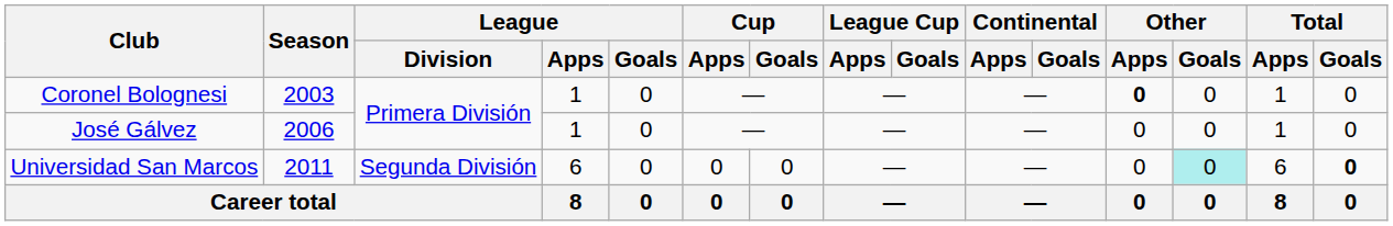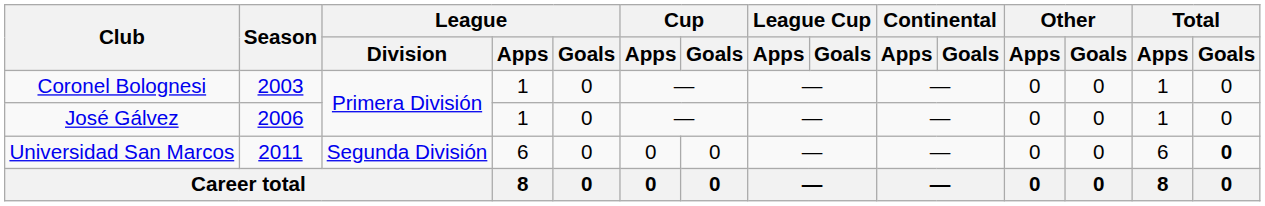 <table class="wikitable" style="text-align:center">
 <tr>
 <th rowspan="2">Club</th>
 <th rowspan="2">Season</th>
 <th colspan="3">League</th>
 <th colspan="2">Cup</th>
 <th colspan="2">League Cup</th>
 <th colspan="2">Continental</th>
 <th colspan="2">Other</th>
 <th colspan="2">Total</th>
 </tr>
 <tr>
 <th>Division</th>
 <th>Apps</th>
 <th>Goals</th>
 <th>Apps</th>
 <th>Goals</th>
 <th>Apps</th>
 <th>Goals</th>
 <th>Apps</th>
 <th>Goals</th>
 <th>Apps</th>
 <th>Goals</th>
 <th>Apps</th>
 <th>Goals</th>
 </tr>
 <tr>
 <td rowspan="1"><a href='#'>Coronel Bolognesi</a></td>
 <td><a href='#'>2003</a></td>
 <td rowspan="2"><a href='#'>Primera División</a></td>
 <td>1</td>
 <td>0</td>
 <td colspan="2">—</td>
 <td colspan="2">—</td>
 <td colspan="2">—</td>
-<td><strong>0</strong></td>
+<td>0</td>
 <td>0</td>
 <td>1</td>
 <td>0</td>
 </tr>
 <tr>
 <td rowspan="1"><a href='#'>José Gálvez</a></td>
 <td><a href='#'>2006</a></td>
 <td>1</td>
 <td>0</td>
 <td colspan="2">—</td>
 <td colspan="2">—</td>
 <td colspan="2">—</td>
 <td>0</td>
 <td>0</td>
 <td>1</td>
 <td>0</td>
 </tr>
 <tr>
 <td rowspan="1"><a href='#'>Universidad San Marcos</a></td>
 <td><a href='#'>2011</a></td>
 <td rowspan="1"><a href='#'>Segunda División</a></td>
 <td>6</td>
 <td>0</td>
 <td>0</td>
 <td>0</td>
 <td colspan="2">—</td>
 <td colspan="2">—</td>
 <td>0</td>
-<td style="background: paleturquoise;">0</td>
+<td>0</td>
 <td>6</td>
 <td><strong>0</strong></td>
 </tr>
 <tr>
 <th colspan="3">Career total</th>
 <th>8</th>
 <th>0</th>
 <th>0</th>
 <th>0</th>
 <th colspan="2">—</th>
 <th colspan="2">—</th>
 <th>0</th>
 <th>0</th>
 <th>8</th>
 <th>0</th>
 </tr>
 </table>
